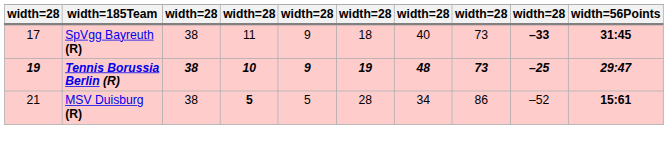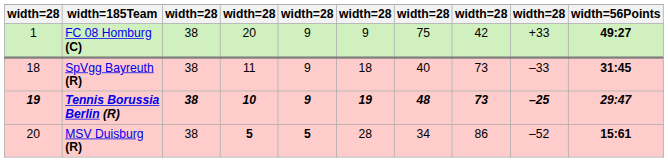 <table class="wikitable">
 <tr align="center" bgcolor="dfdfdf">
 </tr>
 <tr>
 <th>width=28<br></th>
 <th>width=185Team<br></th>
 <th>width=28<br></th>
 <th>width=28<br></th>
 <th>width=28<br></th>
 <th>width=28<br></th>
 <th>width=28<br></th>
 <th>width=28<br></th>
 <th>width=28<br></th>
 <th>width=56Points<br></th>
 </tr>
+<tr align="center" valign="top" bgcolor="D0F0C0">
+<td>1</td>
+<td align="left"><a href='#'>FC 08 Homburg</a> <strong>(C)</strong></td>
+<td>38</td>
+<td>20</td>
+<td>9</td>
+<td>9</td>
+<td>75</td>
+<td>42</td>
+<td>+33</td>
+<td><strong>49:27</strong></td>
+</tr>
 <tr align="center" valign="top" bgcolor="#FFCCCC" style="border-top:3px solid grey;">
-<td>17</td>
+<td>18</td>
 <td align="left"><a href='#'>SpVgg Bayreuth</a> <strong>(R)</strong></td>
 <td>38</td>
 <td>11</td>
 <td>9</td>
 <td>18</td>
 <td>40</td>
 <td>73</td>
-<td><strong>–33</strong></td>
+<td>–33</td>
 <td><strong>31:45</strong></td>
 </tr>
 <tr align="center" valign="top" bgcolor="#FFCCCC">
 <td><strong><em>19</em></strong></td>
 <td align="left"><strong><em><a href='#'>Tennis Borussia Berlin</a> (R)</em></strong></td>
 <td><strong><em>38</em></strong></td>
 <td><strong><em>10</em></strong></td>
 <td><strong><em>9</em></strong></td>
 <td><strong><em>19</em></strong></td>
 <td><strong><em>48</em></strong></td>
 <td><strong><em>73</em></strong></td>
 <td><strong><em>–25</em></strong></td>
 <td><strong><em>29:47</em></strong></td>
 </tr>
 <tr align="center" valign="top" bgcolor="#FFCCCC">
-<td>21</td>
+<td>20</td>
 <td align="left"><a href='#'>MSV Duisburg</a> <strong>(R)</strong></td>
 <td>38</td>
 <td><strong>5</strong></td>
-<td>5</td>
+<td><strong>5</strong></td>
 <td>28</td>
 <td>34</td>
 <td>86</td>
 <td>–52</td>
 <td><strong>15:61</strong></td>
 </tr>
 </table>
